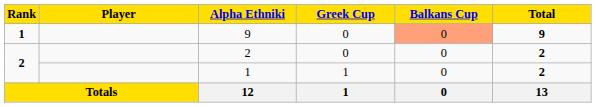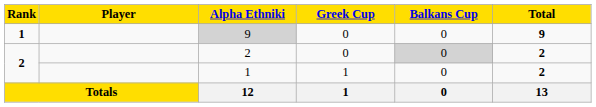 <table class="wikitable sortable" style="text-align:center">
 <tr>
 <th style="background:#FFDE00">Rank</th>
 <th width=200 style="background:#FFDE00">Player</th>
 <th width=120 style="background:#FFDE00"><a href='#'>Alpha Ethniki</a></th>
 <th width=120 style="background:#FFDE00"><a href='#'>Greek Cup</a></th>
 <th width=120 style="background:#FFDE00"><a href='#'>Balkans Cup</a></th>
 <th width=120 style="background:#FFDE00">Total</th>
 </tr>
 <tr>
 <td><strong>1</strong></td>
 <td align=left></td>
-<td>9</td>
+<td style="background: lightgrey;">9</td>
 <td>0</td>
-<td style="background: lightsalmon;">0</td>
+<td>0</td>
 <td><strong>9</strong></td>
 </tr>
 <tr>
 <td rowspan=2><strong>2</strong></td>
 <td align=left></td>
 <td>2</td>
 <td>0</td>
-<td>0</td>
+<td style="background: lightgrey;">0</td>
 <td><strong>2</strong></td>
 </tr>
 <tr>
 <td align=left></td>
 <td>1</td>
 <td>1</td>
 <td>0</td>
 <td><strong>2</strong></td>
 </tr>
 <tr class="sortbottom">
 <th colspan=2 style="background:#FFDE00"><strong>Totals</strong></th>
 <th><strong>12</strong></th>
 <th><strong> 1</strong></th>
 <th><strong> 0</strong></th>
 <th><strong>13</strong></th>
 </tr>
 </table>
